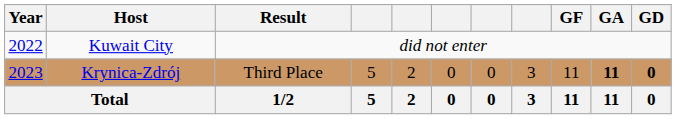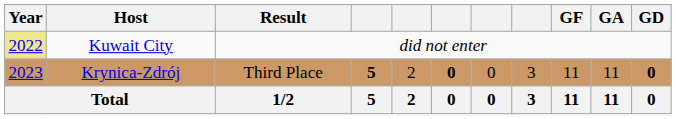 <table class="wikitable" style="text-align:center">
 <tr>
 <th width=30>Year</th>
 <th width=150>Host</th>
 <th width=120>Result</th>
 <th width=30></th>
 <th width=30></th>
 <th width=30></th>
 <th width=30></th>
 <th width=30></th>
 <th width=30>GF</th>
 <th width=30>GA</th>
 <th width=30>GD</th>
 </tr>
 <tr>
-<td><a href='#'>2022</a></td>
+<td style="background: khaki;"><a href='#'>2022</a></td>
 <td> <a href='#'>Kuwait City</a></td>
 <td colspan=9><em>did not enter</em></td>
 </tr>
 <tr bgcolor=#CC9966>
 <td><a href='#'>2023</a></td>
 <td> <a href='#'>Krynica-Zdrój</a></td>
 <td>Third Place</td>
-<td>5</td>
+<td><strong>5</strong></td>
 <td>2</td>
-<td>0</td>
+<td><strong>0</strong></td>
 <td>0</td>
 <td>3</td>
 <td>11</td>
-<td><strong>11</strong></td>
+<td>11</td>
 <td><strong>0</strong></td>
 </tr>
 <tr>
 <th colspan=2>Total</th>
 <th>1/2</th>
 <th>5</th>
 <th>2</th>
 <th>0</th>
 <th>0</th>
 <th>3</th>
 <th>11</th>
 <th>11</th>
 <th>0</th>
 </tr>
 </table>
